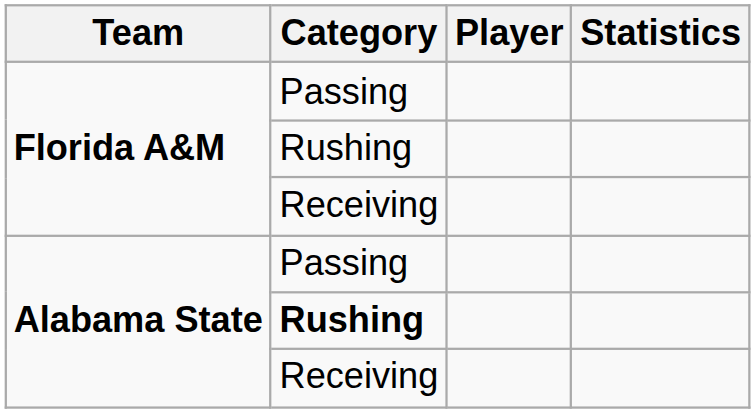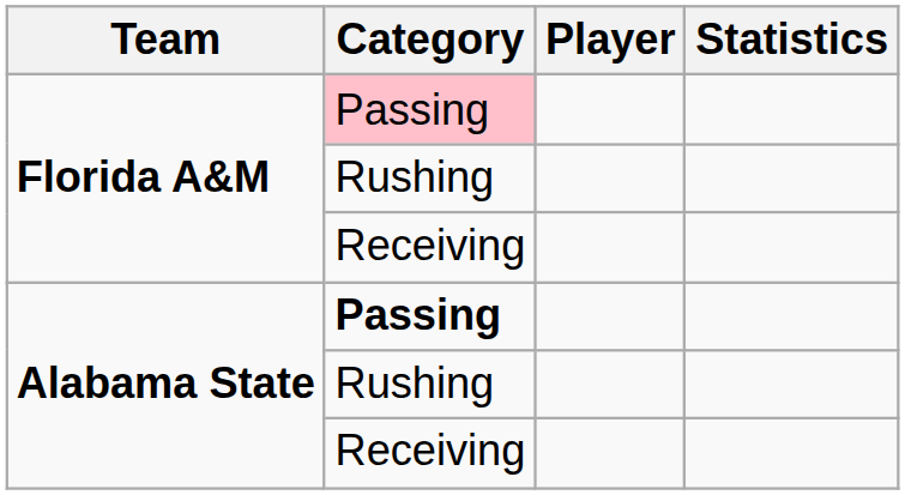 <table class="wikitable" style="float: right;">
 <tr>
 <th>Team</th>
 <th>Category</th>
 <th>Player</th>
 <th>Statistics</th>
 </tr>
 <tr>
 <td rowspan=3><strong>Florida A&M</strong></td>
-<td>Passing</td>
+<td style="background: pink;">Passing</td>
 <td></td>
 <td></td>
 </tr>
 <tr>
 <td>Rushing</td>
 <td></td>
 <td></td>
 </tr>
 <tr>
 <td>Receiving</td>
 <td></td>
 <td></td>
 </tr>
 <tr>
 <td rowspan=3><strong>Alabama State</strong></td>
-<td>Passing</td>
+<td><strong>Passing</strong></td>
 <td></td>
 <td></td>
 </tr>
 <tr>
-<td><strong>Rushing</strong></td>
+<td>Rushing</td>
 <td></td>
 <td></td>
 </tr>
 <tr>
 <td>Receiving</td>
 <td></td>
 <td></td>
 </tr>
 </table>
